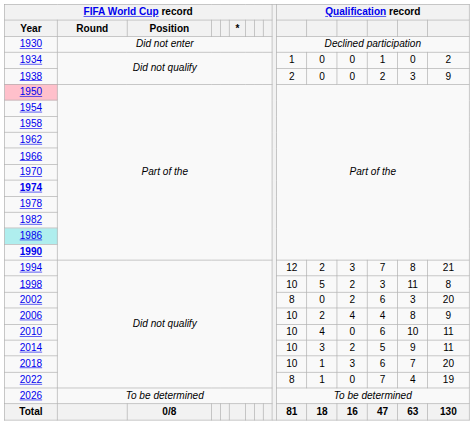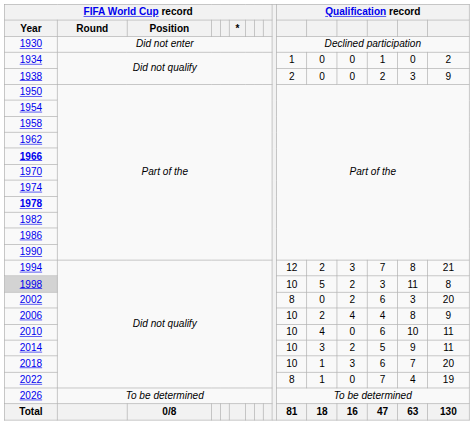 <table class="wikitable" style="text-align: center;">
 <tr>
 <th colspan=9><a href='#'>FIFA World Cup</a> record</th>
 <th width=1% rowspan=26></th>
 <th colspan=6><a href='#'>Qualification</a> record</th>
 </tr>
 <tr>
 <th>Year</th>
 <th>Round</th>
 <th>Position</th>
 <th></th>
 <th></th>
 <th>*</th>
 <th></th>
 <th></th>
 <th></th>
 <th></th>
 <th></th>
 <th></th>
 <th></th>
 <th></th>
 <th></th>
 </tr>
 <tr>
 <td> <a href='#'>1930</a></td>
 <td colspan=8><em>Did not enter</em></td>
 <td colspan=6><em>Declined participation</em></td>
 </tr>
 <tr>
 <td> <a href='#'>1934</a></td>
 <td colspan=8 rowspan=2><em>Did not qualify</em></td>
 <td>1</td>
 <td>0</td>
 <td>0</td>
 <td>1</td>
 <td>0</td>
 <td>2</td>
 </tr>
 <tr>
 <td> <a href='#'>1938</a></td>
 <td>2</td>
 <td>0</td>
 <td>0</td>
 <td>2</td>
 <td>3</td>
 <td>9</td>
 </tr>
 <tr>
-<td style="background: pink;"> <a href='#'>1950</a></td>
+<td> <a href='#'>1950</a></td>
 <td colspan=8 rowspan=11><em>Part of the </em></td>
 <td colspan=6 rowspan=11><em>Part of the </em></td>
 </tr>
 <tr>
 <td> <a href='#'>1954</a></td>
 </tr>
 <tr>
 <td> <a href='#'>1958</a></td>
 </tr>
 <tr>
 <td> <a href='#'>1962</a></td>
 </tr>
 <tr>
-<td> <a href='#'>1966</a></td>
+<td><strong> <a href='#'>1966</a></strong></td>
 </tr>
 <tr>
 <td> <a href='#'>1970</a></td>
 </tr>
 <tr>
-<td><strong> <a href='#'>1974</a></strong></td>
+<td> <a href='#'>1974</a></td>
 </tr>
 <tr>
-<td> <a href='#'>1978</a></td>
+<td><strong> <a href='#'>1978</a></strong></td>
 </tr>
 <tr>
 <td> <a href='#'>1982</a></td>
 </tr>
 <tr>
-<td style="background: paleturquoise;"> <a href='#'>1986</a></td>
+<td> <a href='#'>1986</a></td>
 </tr>
 <tr>
-<td><strong> <a href='#'>1990</a></strong></td>
+<td> <a href='#'>1990</a></td>
 </tr>
 <tr>
 <td> <a href='#'>1994</a></td>
 <td colspan=8 rowspan=8><em>Did not qualify</em></td>
 <td>12</td>
 <td>2</td>
 <td>3</td>
 <td>7</td>
 <td>8</td>
 <td>21</td>
 </tr>
 <tr>
-<td> <a href='#'>1998</a></td>
+<td style="background: lightgrey;"> <a href='#'>1998</a></td>
 <td>10</td>
 <td>5</td>
 <td>2</td>
 <td>3</td>
 <td>11</td>
 <td>8</td>
 </tr>
 <tr>
 <td>  <a href='#'>2002</a></td>
 <td>8</td>
 <td>0</td>
 <td>2</td>
 <td>6</td>
 <td>3</td>
 <td>20</td>
 </tr>
 <tr>
 <td> <a href='#'>2006</a></td>
 <td>10</td>
 <td>2</td>
 <td>4</td>
 <td>4</td>
 <td>8</td>
 <td>9</td>
 </tr>
 <tr>
 <td> <a href='#'>2010</a></td>
 <td>10</td>
 <td>4</td>
 <td>0</td>
 <td>6</td>
 <td>10</td>
 <td>11</td>
 </tr>
 <tr>
 <td> <a href='#'>2014</a></td>
 <td>10</td>
 <td>3</td>
 <td>2</td>
 <td>5</td>
 <td>9</td>
 <td>11</td>
 </tr>
 <tr>
 <td> <a href='#'>2018</a></td>
 <td>10</td>
 <td>1</td>
 <td>3</td>
 <td>6</td>
 <td>7</td>
 <td>20</td>
 </tr>
 <tr>
 <td> <a href='#'>2022</a></td>
 <td>8</td>
 <td>1</td>
 <td>0</td>
 <td>7</td>
 <td>4</td>
 <td>19</td>
 </tr>
 <tr>
 <td>   <a href='#'>2026</a></td>
 <td colspan=8><em>To be determined</em></td>
 <td colspan=6><em>To be determined</em></td>
 </tr>
 <tr>
 <th>Total</th>
 <th></th>
 <th>0/8</th>
 <th></th>
 <th></th>
 <th></th>
 <th></th>
 <th></th>
 <th></th>
 <th>81</th>
 <th>18</th>
 <th>16</th>
 <th>47</th>
 <th>63</th>
 <th>130</th>
 </tr>
 </table>
